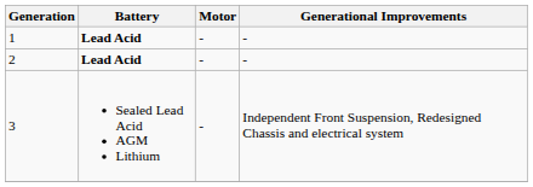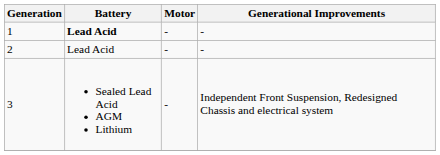 <table class="wikitable sortable">
 <tr>
 <th>Generation</th>
 <th>Battery</th>
 <th>Motor</th>
 <th>Generational Improvements</th>
 </tr>
 <tr>
 <td>1</td>
 <td><strong>Lead Acid</strong></td>
 <td>-</td>
 <td>-</td>
 </tr>
 <tr>
 <td>2</td>
-<td><strong>Lead Acid</strong></td>
+<td>Lead Acid</td>
 <td>-</td>
 <td>-</td>
 </tr>
 <tr>
 <td>3</td>
 <td><br><ul><li>Sealed Lead Acid</li><li>AGM</li><li>Lithium</li></ul></td>
 <td>-</td>
 <td>Independent Front Suspension, Redesigned Chassis and electrical system</td>
 </tr>
 <tr>
 </tr>
 </table>
